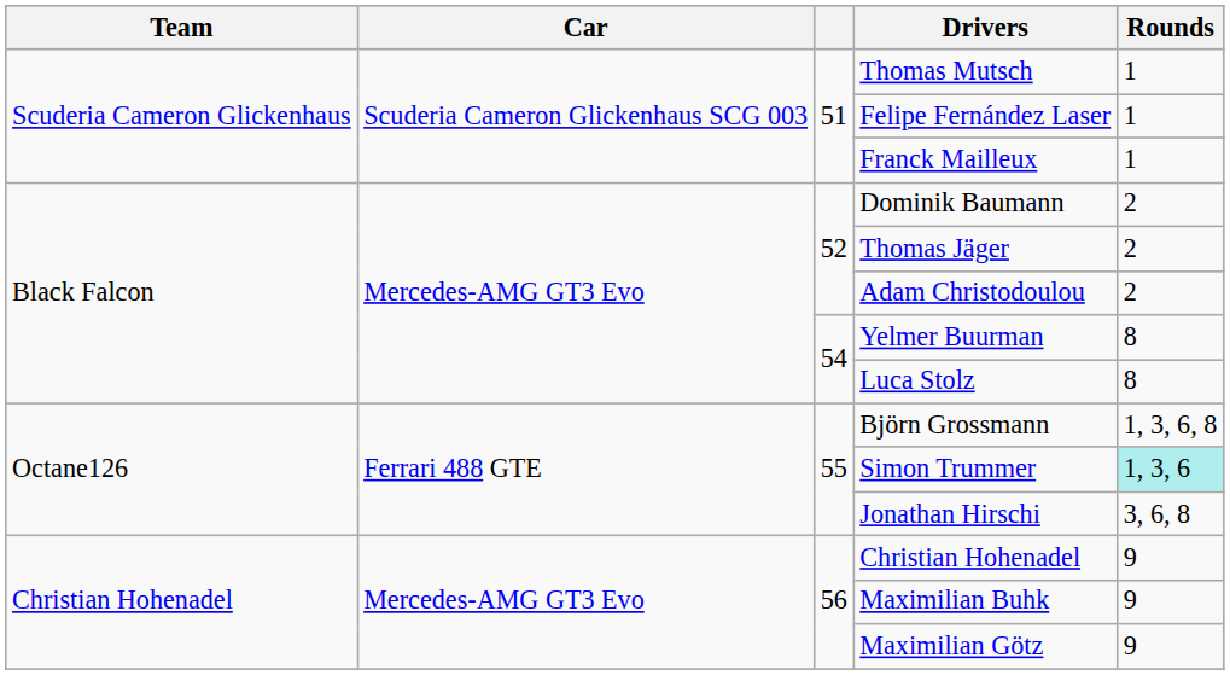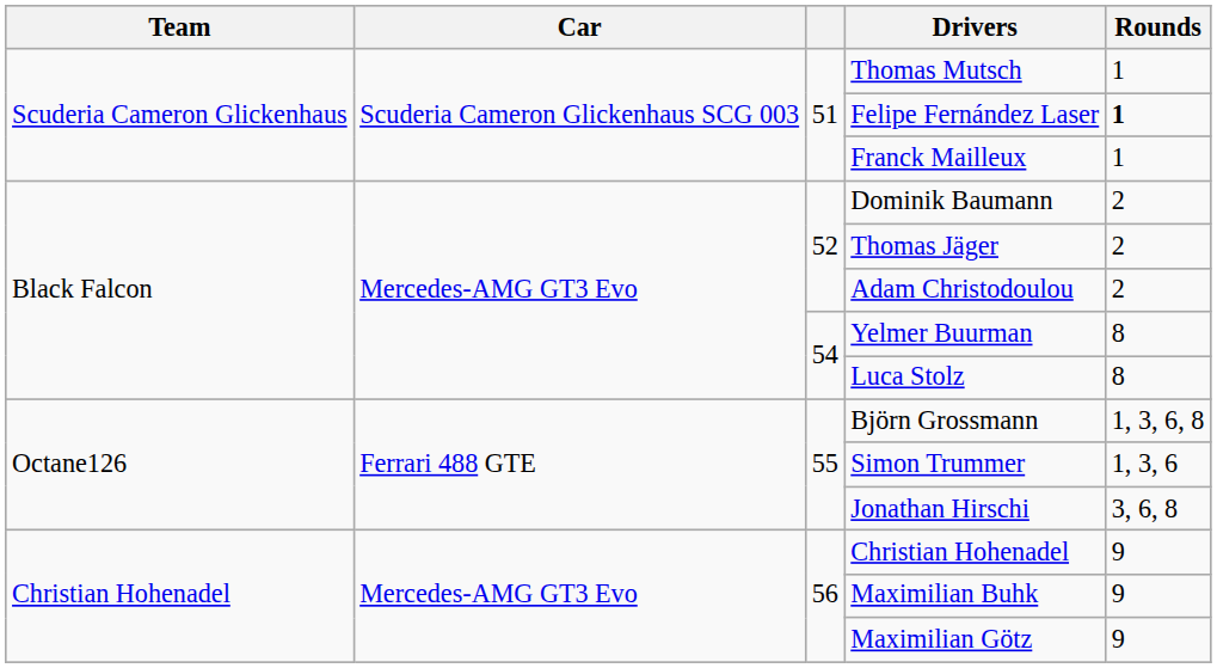 <table class="wikitable" style="font-size: 85%;">
 <tr>
 <th>Team</th>
 <th>Car</th>
 <th></th>
 <th>Drivers</th>
 <th colspan=2>Rounds</th>
 </tr>
 <tr>
 <td rowspan=3> <a href='#'>Scuderia Cameron Glickenhaus</a></td>
 <td rowspan=3><a href='#'>Scuderia Cameron Glickenhaus SCG 003</a></td>
 <td rowspan=3>51</td>
 <td> <a href='#'>Thomas Mutsch</a></td>
 <td>1</td>
 </tr>
 <tr>
 <td> <a href='#'>Felipe Fernández Laser</a></td>
-<td>1</td>
+<td><strong>1</strong></td>
 </tr>
 <tr>
 <td> <a href='#'>Franck Mailleux</a></td>
 <td>1</td>
 </tr>
 <tr>
 <td rowspan=5> Black Falcon</td>
 <td rowspan=5><a href='#'>Mercedes-AMG GT3 Evo</a></td>
 <td rowspan=3>52</td>
 <td> Dominik Baumann</td>
 <td>2</td>
 </tr>
 <tr>
 <td> <a href='#'>Thomas Jäger</a></td>
 <td>2</td>
 </tr>
 <tr>
 <td> <a href='#'>Adam Christodoulou</a></td>
 <td>2</td>
 </tr>
 <tr>
 <td rowspan=2>54</td>
 <td> <a href='#'>Yelmer Buurman</a></td>
 <td>8</td>
 </tr>
 <tr>
 <td> <a href='#'>Luca Stolz</a></td>
 <td>8</td>
 </tr>
 <tr>
 <td rowspan=3> Octane126</td>
 <td rowspan=3><a href='#'>Ferrari 488</a> GTE</td>
 <td rowspan=3>55</td>
 <td> Björn Grossmann</td>
 <td>1, 3, 6, 8</td>
 </tr>
 <tr>
 <td> <a href='#'>Simon Trummer</a></td>
-<td style="background: paleturquoise;">1, 3, 6</td>
+<td>1, 3, 6</td>
 </tr>
 <tr>
 <td> <a href='#'>Jonathan Hirschi</a></td>
 <td>3, 6, 8</td>
 </tr>
 <tr>
 <td rowspan=3> <a href='#'>Christian Hohenadel</a></td>
 <td rowspan=3><a href='#'>Mercedes-AMG GT3 Evo</a></td>
 <td rowspan=3>56</td>
 <td> <a href='#'>Christian Hohenadel</a></td>
 <td>9</td>
 </tr>
 <tr>
 <td> <a href='#'>Maximilian Buhk</a></td>
 <td>9</td>
 </tr>
 <tr>
 <td> <a href='#'>Maximilian Götz</a></td>
 <td>9</td>
 </tr>
 </table>
